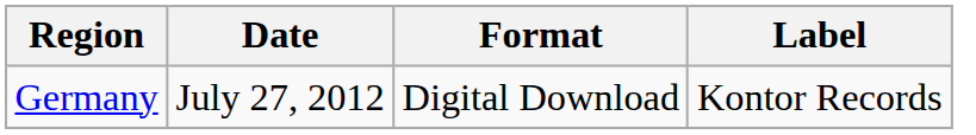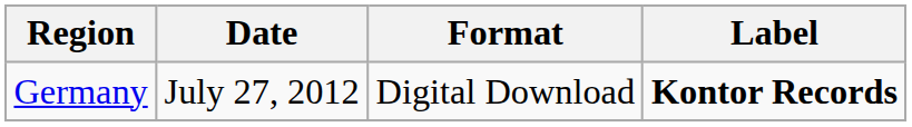 <table class=wikitable>
 <tr>
 <th>Region</th>
 <th>Date</th>
 <th>Format</th>
 <th>Label</th>
 </tr>
 <tr>
 <td><a href='#'>Germany</a></td>
 <td>July 27, 2012</td>
 <td>Digital Download</td>
-<td>Kontor Records</td>
+<td><strong>Kontor Records</strong></td>
 </tr>
 <tr>
 </tr>
 </table>
